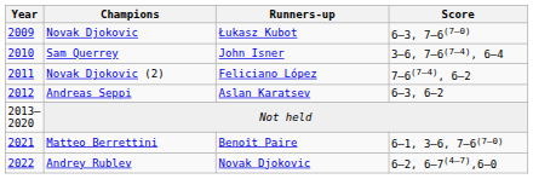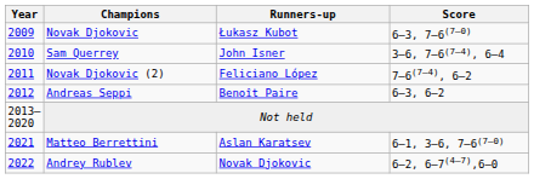 <table class="wikitable">
 <tr>
 <th style="width:40px">Year</th>
 <th style="width:200px">Champions</th>
 <th style="width:200px">Runners-up</th>
 <th style="width:160px" class="unsortable">Score</th>
 </tr>
 <tr>
 <td><a href='#'>2009</a></td>
 <td> <a href='#'>Novak Djokovic</a></td>
 <td> <a href='#'>Łukasz Kubot</a></td>
 <td>6–3, 7–6<sup>(7–0)</sup></td>
 </tr>
 <tr>
 <td><a href='#'>2010</a></td>
 <td> <a href='#'>Sam Querrey</a></td>
 <td> <a href='#'>John Isner</a></td>
 <td>3–6, 7–6<sup>(7–4)</sup>, 6–4</td>
 </tr>
 <tr>
 <td><a href='#'>2011</a></td>
 <td> <a href='#'>Novak Djokovic</a> (2)</td>
 <td> <a href='#'>Feliciano López</a></td>
 <td>7–6<sup>(7–4)</sup>, 6–2</td>
 </tr>
 <tr>
 <td><a href='#'>2012</a></td>
 <td> <a href='#'>Andreas Seppi</a></td>
-<td> <a href='#'>Aslan Karatsev</a></td>
+<td> <a href='#'>Benoît Paire</a></td>
 <td>6–3, 6–2</td>
 </tr>
 <tr>
 <td>2013–2020</td>
 <td colspan=3 align=center style="background:#efefef"><em>Not held</em></td>
 </tr>
 <tr>
 <td><a href='#'>2021</a></td>
 <td> <a href='#'>Matteo Berrettini</a></td>
-<td> <a href='#'>Benoît Paire</a></td>
+<td> <a href='#'>Aslan Karatsev</a></td>
 <td>6–1, 3–6, 7–6<sup>(7–0)</sup></td>
 </tr>
 <tr>
 <td><a href='#'>2022</a></td>
 <td> <a href='#'>Andrey Rublev</a></td>
 <td> <a href='#'>Novak Djokovic</a></td>
 <td>6–2, 6–7<sup>(4–7)</sup>,6–0</td>
 </tr>
 </table>
